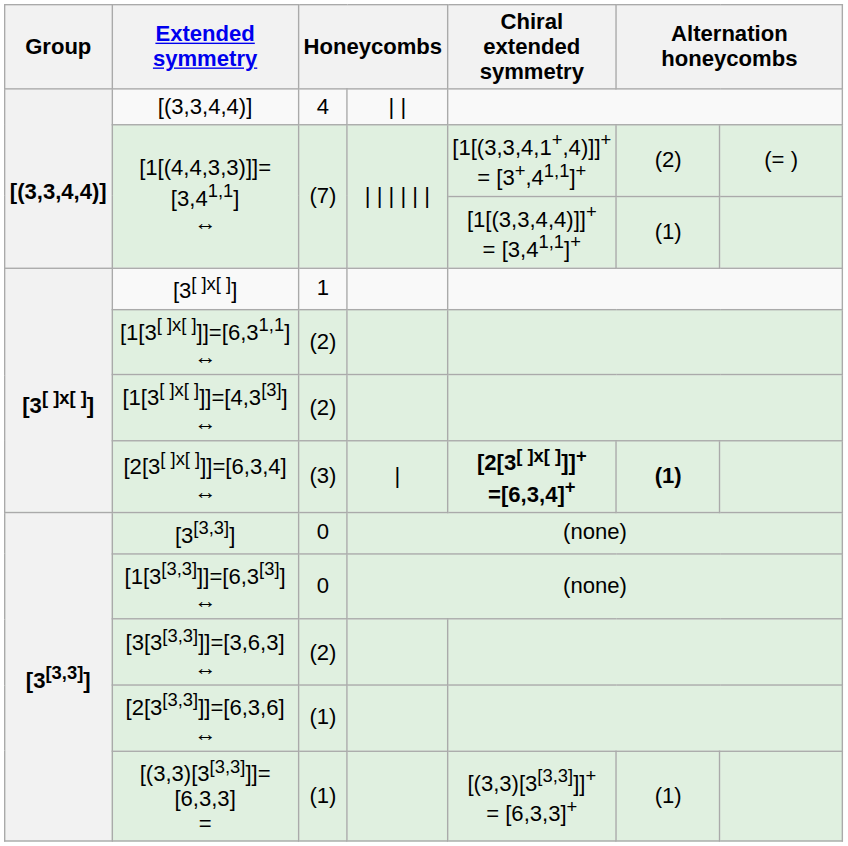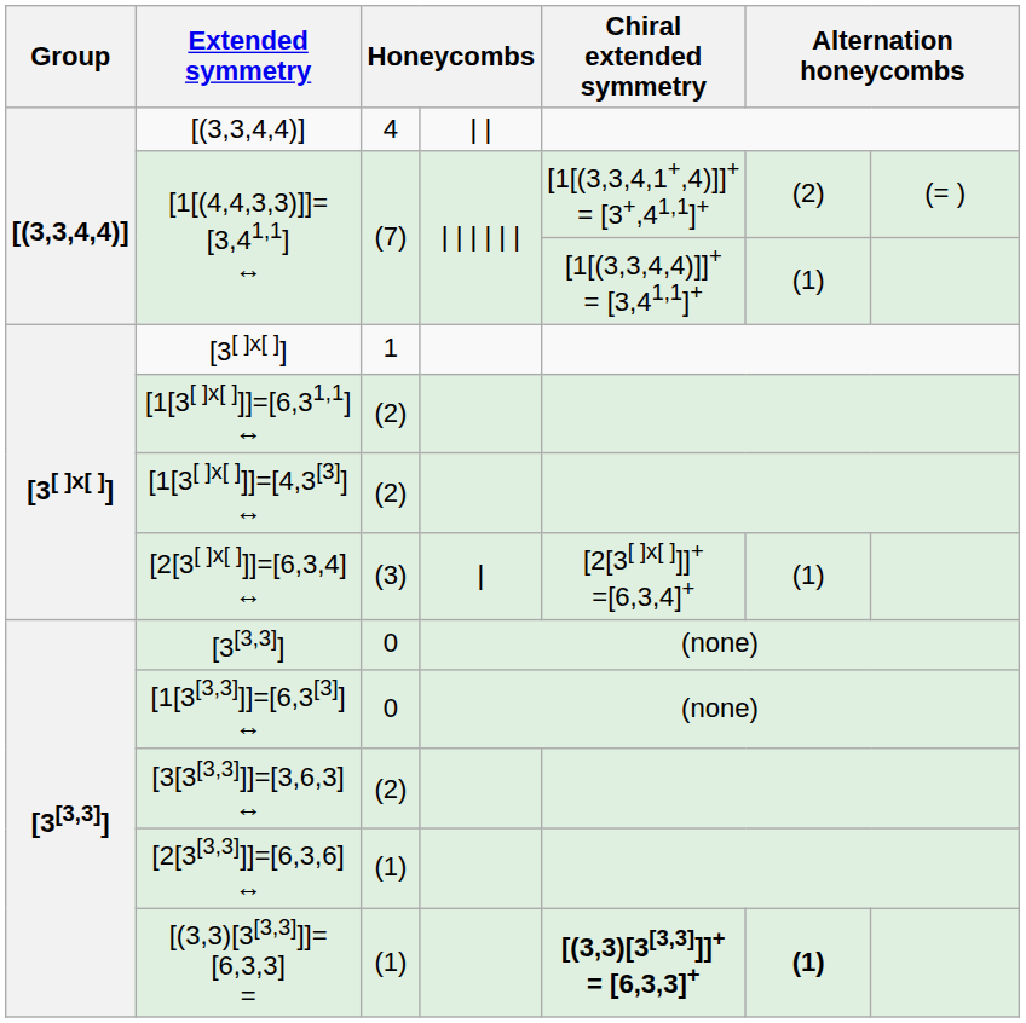 <table class=wikitable>
 <tr>
 <th>Group</th>
 <th><a href='#'>Extended<br>symmetry</a></th>
 <th colspan=2>Honeycombs</th>
 <th>Chiral<br>extended<br>symmetry</th>
 <th colspan=2>Alternation honeycombs</th>
 </tr>
 <tr align=center>
 <th rowspan=3><br>[(3,3,4,4)]<br></th>
 <td>[(3,3,4,4)]</td>
 <td>4</td>
 <td> |  | </td>
 <td colspan=3></td>
 </tr>
 <tr BGCOLOR="#e0f0e0" align=center>
 <td rowspan=2>[1[(4,4,3,3)]]=[3,4<sup>1,1</sup>]<br> ↔ </td>
 <td rowspan=2>(7)</td>
 <td rowspan=2> |  |  |  |  |  | </td>
 <td>[1[(3,3,4,1<sup>+</sup>,4)]]<sup>+</sup><br>= [3<sup>+</sup>,4<sup>1,1</sup>]<sup>+</sup></td>
 <td>(2)</td>
 <td> (= )<br></td>
 </tr>
 <tr BGCOLOR="#e0f0e0" align=center>
 <td>[1[(3,3,4,4)]]<sup>+</sup><br>= [3,4<sup>1,1</sup>]<sup>+</sup></td>
 <td>(1)</td>
 <td></td>
 </tr>
 <tr align=center>
 <th rowspan=4><br>[3<sup>[ ]x[ ]</sup>]<br></th>
 <td>[3<sup>[ ]x[ ]</sup>]</td>
 <td>1</td>
 <td></td>
 <td colspan=3></td>
 </tr>
 <tr BGCOLOR="#e0f0e0" align=center>
 <td>[1[3<sup>[ ]x[ ]</sup>]]=[6,3<sup>1,1</sup>]<br> ↔ </td>
 <td>(2)</td>
 <td></td>
 <td colspan=3></td>
 </tr>
 <tr BGCOLOR="#e0f0e0" align=center>
 <td>[1[3<sup>[ ]x[ ]</sup>]]=[4,3<sup>[3]</sup>]<br> ↔ </td>
 <td>(2)</td>
 <td></td>
 <td colspan=3></td>
 </tr>
 <tr BGCOLOR="#e0f0e0" align=center>
 <td>[2[3<sup>[ ]x[ ]</sup>]]=[6,3,4]<br> ↔ </td>
 <td>(3)</td>
 <td> | </td>
-<td><strong>[2[3<sup>[ ]x[ ]</sup>]]<sup>+</sup><br>=[6,3,4]<sup>+</sup></strong></td>
-<td><strong>(1)</strong></td>
+<td>[2[3<sup>[ ]x[ ]</sup>]]<sup>+</sup><br>=[6,3,4]<sup>+</sup></td>
+<td>(1)</td>
 <td></td>
 </tr>
 <tr BGCOLOR="#e0f0e0" align=center>
 <th rowspan=5><br>[3<sup>[3,3]</sup>]<br><br></th>
 <td>[3<sup>[3,3]</sup>]</td>
 <td>0</td>
 <td colspan=4>(none)</td>
 </tr>
 <tr BGCOLOR="#e0f0e0" align=center>
 <td>[1[3<sup>[3,3]</sup>]]=[6,3<sup>[3]</sup>]<br> ↔ </td>
 <td>0</td>
 <td colspan=4>(none)</td>
 </tr>
 <tr BGCOLOR="#e0f0e0" align=center>
 <td>[3[3<sup>[3,3]</sup>]]=[3,6,3]<br> ↔ </td>
 <td>(2)</td>
 <td></td>
 <td colspan=3></td>
 </tr>
 <tr BGCOLOR="#e0f0e0" align=center>
 <td>[2[3<sup>[3,3]</sup>]]=[6,3,6]<br> ↔ </td>
 <td>(1)</td>
 <td></td>
 <td colspan=3></td>
 </tr>
 <tr BGCOLOR="#e0f0e0" align=center>
 <td>[(3,3)[3<sup>[3,3]</sup>]]=[6,3,3]<br> = </td>
 <td>(1)</td>
 <td></td>
-<td>[(3,3)[3<sup>[3,3]</sup>]]<sup>+</sup><br>= [6,3,3]<sup>+</sup></td>
-<td>(1)</td>
+<td><strong>[(3,3)[3<sup>[3,3]</sup>]]<sup>+</sup><br>= [6,3,3]<sup>+</sup></strong></td>
+<td><strong>(1)</strong></td>
 <td></td>
 </tr>
 </table>
